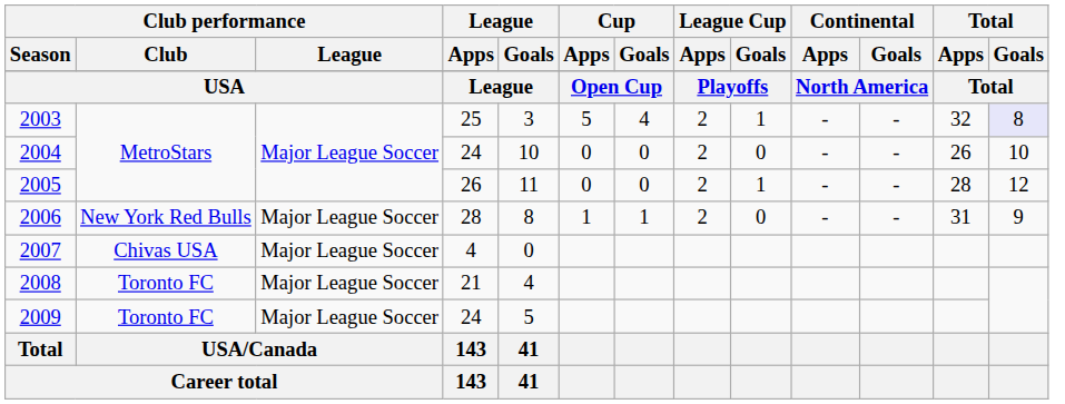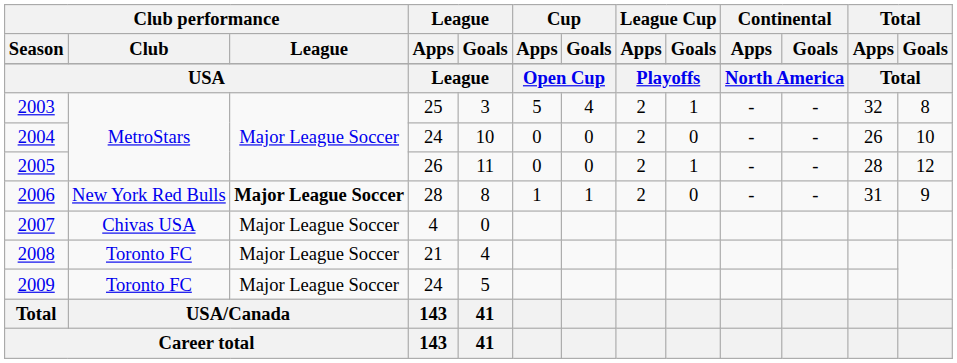 <table class="wikitable" style="text-align:center">
 <tr>
 <th colspan=3>Club performance</th>
 <th colspan=2>League</th>
 <th colspan=2>Cup</th>
 <th colspan=2>League Cup</th>
 <th colspan=2>Continental</th>
 <th colspan=2>Total</th>
 </tr>
 <tr>
 <th>Season</th>
 <th>Club</th>
 <th>League</th>
 <th>Apps</th>
 <th>Goals</th>
 <th>Apps</th>
 <th>Goals</th>
 <th>Apps</th>
 <th>Goals</th>
 <th>Apps</th>
 <th>Goals</th>
 <th>Apps</th>
 <th>Goals</th>
 </tr>
 <tr>
 </tr>
 <tr>
 <th colspan=3>USA</th>
 <th colspan=2>League</th>
 <th colspan=2><a href='#'>Open Cup</a></th>
 <th colspan=2><a href='#'>Playoffs</a></th>
 <th colspan=2><a href='#'>North America</a></th>
 <th colspan=2>Total</th>
 </tr>
 <tr>
 <td><a href='#'>2003</a></td>
 <td rowspan="3"><a href='#'>MetroStars</a></td>
 <td rowspan="3"><a href='#'>Major League Soccer</a></td>
 <td>25</td>
 <td>3</td>
 <td>5</td>
 <td>4</td>
 <td>2</td>
 <td>1</td>
 <td>-</td>
 <td>-</td>
 <td>32</td>
-<td style="background: lavender;">8</td>
+<td>8</td>
 </tr>
 <tr>
 <td><a href='#'>2004</a></td>
 <td>24</td>
 <td>10</td>
 <td>0</td>
 <td>0</td>
 <td>2</td>
 <td>0</td>
 <td>-</td>
 <td>-</td>
 <td>26</td>
 <td>10</td>
 </tr>
 <tr>
 <td><a href='#'>2005</a></td>
 <td>26</td>
 <td>11</td>
 <td>0</td>
 <td>0</td>
 <td>2</td>
 <td>1</td>
 <td>-</td>
 <td>-</td>
 <td>28</td>
 <td>12</td>
 </tr>
 <tr>
 <td><a href='#'>2006</a></td>
 <td><a href='#'>New York Red Bulls</a></td>
-<td>Major League Soccer</td>
+<td><strong>Major League Soccer</strong></td>
 <td>28</td>
 <td>8</td>
 <td>1</td>
 <td>1</td>
 <td>2</td>
 <td>0</td>
 <td>-</td>
 <td>-</td>
 <td>31</td>
 <td>9</td>
 </tr>
 <tr>
 <td><a href='#'>2007</a></td>
 <td><a href='#'>Chivas USA</a></td>
 <td>Major League Soccer</td>
 <td>4</td>
 <td>0</td>
 <td></td>
 <td></td>
 <td></td>
 <td></td>
 <td></td>
 <td></td>
 <td></td>
 <td></td>
 </tr>
 <tr>
 <td><a href='#'>2008</a></td>
 <td><a href='#'>Toronto FC</a></td>
 <td>Major League Soccer</td>
 <td>21</td>
 <td>4</td>
 <td></td>
 <td></td>
 <td></td>
 <td></td>
 <td></td>
 <td></td>
 <td></td>
 </tr>
 <tr>
 <td><a href='#'>2009</a></td>
 <td><a href='#'>Toronto FC</a></td>
 <td>Major League Soccer</td>
 <td>24</td>
 <td>5</td>
 <td></td>
 <td></td>
 <td></td>
 <td></td>
 <td></td>
 <td></td>
 <td></td>
 </tr>
 <tr>
 <th rowspan=1>Total</th>
 <th colspan=2>USA/Canada</th>
 <th>143</th>
 <th>41</th>
 <th></th>
 <th></th>
 <th></th>
 <th></th>
 <th></th>
 <th></th>
 <th></th>
 <th></th>
 </tr>
 <tr>
 <th colspan=3>Career total</th>
 <th>143</th>
 <th>41</th>
 <th></th>
 <th></th>
 <th></th>
 <th></th>
 <th></th>
 <th></th>
 <th></th>
 <th></th>
 </tr>
 </table>
